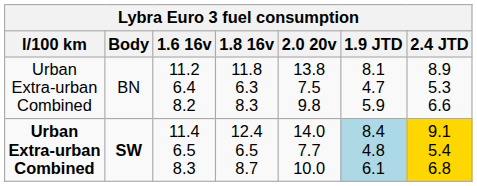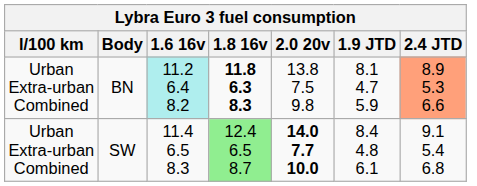 <table class="wikitable" style="text-align:center; font-size:90%;">
 <tr>
 <th colspan=15>Lybra Euro 3 fuel consumption</th>
 </tr>
 <tr>
 <th>l/100 km</th>
 <th>Body</th>
 <th>1.6 16v</th>
 <th>1.8 16v</th>
 <th>2.0 20v</th>
 <th>1.9 JTD</th>
 <th>2.4 JTD</th>
 </tr>
 <tr>
 <td>Urban<br>Extra-urban<br>Combined</td>
 <td>BN</td>
-<td>11.2<br>6.4<br>8.2</td>
-<td>11.8<br>6.3<br>8.3</td>
+<td style="background: paleturquoise;">11.2<br>6.4<br>8.2</td>
+<td><strong>11.8<br>6.3<br>8.3</strong></td>
 <td>13.8<br>7.5<br>9.8</td>
 <td>8.1<br>4.7<br>5.9</td>
-<td>8.9<br>5.3<br>6.6</td>
+<td style="background: lightsalmon;">8.9<br>5.3<br>6.6</td>
 </tr>
 <tr>
-<td><strong>Urban<br>Extra-urban<br>Combined</strong></td>
-<td><strong>SW</strong></td>
+<td>Urban<br>Extra-urban<br>Combined</td>
+<td>SW</td>
 <td>11.4<br>6.5<br>8.3</td>
-<td>12.4<br>6.5<br>8.7</td>
-<td>14.0<br>7.7<br>10.0</td>
-<td style="background: lightblue;">8.4<br>4.8<br>6.1</td>
-<td style="background: gold;">9.1<br>5.4<br>6.8</td>
+<td style="background: lightgreen;">12.4<br>6.5<br>8.7</td>
+<td><strong>14.0<br>7.7<br>10.0</strong></td>
+<td>8.4<br>4.8<br>6.1</td>
+<td>9.1<br>5.4<br>6.8</td>
 </tr>
 </table>
